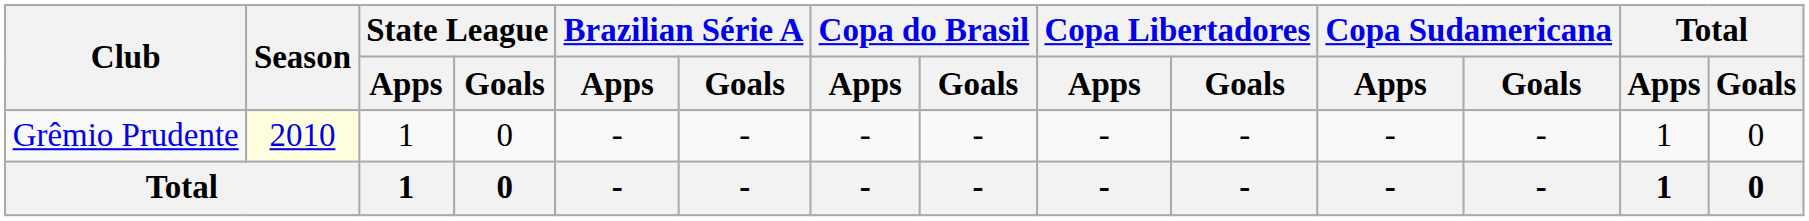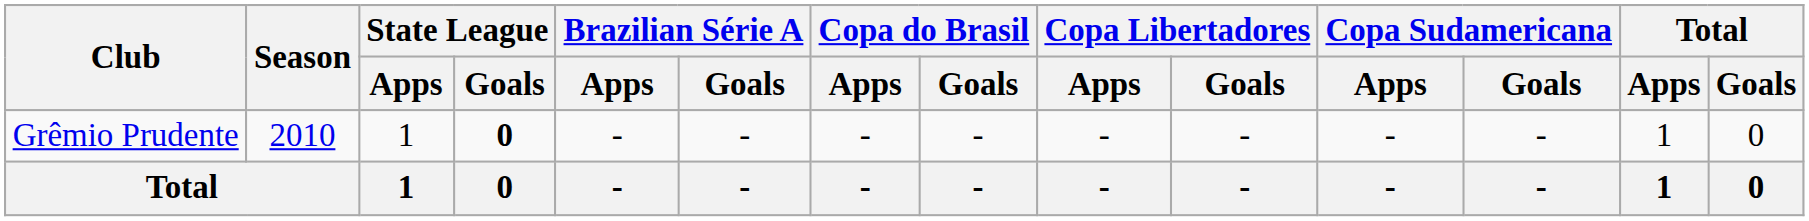 <table class="wikitable" style="text-align: center;">
 <tr>
 <th rowspan="2">Club</th>
 <th rowspan="2">Season</th>
 <th colspan="2">State League</th>
 <th colspan="2"><a href='#'>Brazilian Série A</a></th>
 <th colspan="2"><a href='#'>Copa do Brasil</a></th>
 <th colspan="2"><a href='#'>Copa Libertadores</a></th>
 <th colspan="2"><a href='#'>Copa Sudamericana</a></th>
 <th colspan="2">Total</th>
 </tr>
 <tr>
 <th>Apps</th>
 <th>Goals</th>
 <th>Apps</th>
 <th>Goals</th>
 <th>Apps</th>
 <th>Goals</th>
 <th>Apps</th>
 <th>Goals</th>
 <th>Apps</th>
 <th>Goals</th>
 <th>Apps</th>
 <th>Goals</th>
 </tr>
 <tr>
 <td rowspan="1" valign="center"><a href='#'>Grêmio Prudente</a></td>
-<td style="background: lightyellow;"><a href='#'>2010</a></td>
+<td><a href='#'>2010</a></td>
 <td>1</td>
-<td>0</td>
+<td><strong>0</strong></td>
 <td>-</td>
 <td>-</td>
 <td>-</td>
 <td>-</td>
 <td>-</td>
 <td>-</td>
 <td>-</td>
 <td>-</td>
 <td>1</td>
 <td>0</td>
 </tr>
 <tr>
 <th colspan="2"><strong>Total</strong></th>
 <th>1</th>
 <th>0</th>
 <th>-</th>
 <th>-</th>
 <th>-</th>
 <th>-</th>
 <th>-</th>
 <th>-</th>
 <th>-</th>
 <th>-</th>
 <th>1</th>
 <th>0</th>
 </tr>
 </table>
